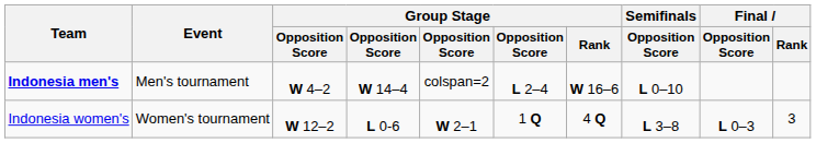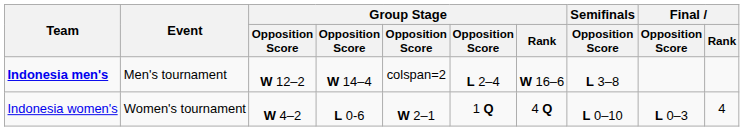 <table class="wikitable" style="font-size:85%">
 <tr>
 <th rowspan=2>Team</th>
 <th rowspan=2>Event</th>
 <th colspan=5>Group Stage</th>
 <th>Semifinals</th>
 <th colspan=2>Final / </th>
 </tr>
 <tr style="font-size:90%">
 <th>Opposition<br>Score</th>
 <th>Opposition<br>Score</th>
 <th>Opposition<br>Score</th>
 <th>Opposition<br>Score</th>
 <th>Rank</th>
 <th>Opposition<br>Score</th>
 <th>Opposition<br>Score</th>
 <th>Rank</th>
 </tr>
 <tr align=center>
 <td align=left><strong><a href='#'>Indonesia men's</a></strong></td>
 <td align=left>Men's tournament</td>
-<td><br><strong>W</strong> 4–2</td>
+<td><br><strong>W</strong> 12–2</td>
 <td><br><strong>W</strong> 14–4</td>
 <td>colspan=2 </td>
 <td><br><strong>L</strong> 2–4</td>
 <td><br><strong>W</strong> 16–6</td>
-<td><br><strong>L</strong> 0–10</td>
+<td><br><strong>L</strong> 3–8</td>
 <td></td>
 </tr>
 <tr align=center>
 <td align=left><a href='#'>Indonesia women's</a></td>
 <td align=left>Women's tournament</td>
-<td><br><strong>W</strong> 12–2</td>
+<td><br><strong>W</strong> 4–2</td>
 <td><br><strong>L</strong> 0-6</td>
 <td><br><strong>W</strong> 2–1</td>
 <td>1 <strong>Q</strong></td>
 <td>4 <strong>Q</strong></td>
-<td><br><strong>L</strong> 3–8</td>
+<td><br><strong>L</strong> 0–10</td>
 <td><br><strong>L</strong> 0–3</td>
-<td>3</td>
+<td>4</td>
 </tr>
 </table>
